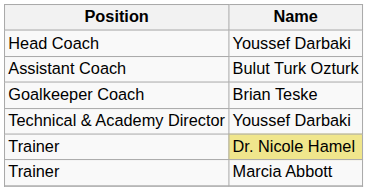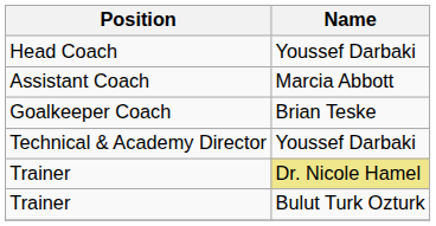 <table class="wikitable">
 <tr>
 <th>Position</th>
 <th>Name</th>
 </tr>
 <tr>
 <td>Head Coach</td>
 <td>Youssef Darbaki</td>
 </tr>
 <tr>
 <td>Assistant Coach</td>
-<td>Bulut Turk Ozturk</td>
+<td>Marcia Abbott</td>
 </tr>
 <tr>
 <td>Goalkeeper Coach</td>
 <td>Brian Teske</td>
 </tr>
 <tr>
 <td>Technical & Academy Director</td>
 <td>Youssef Darbaki</td>
 </tr>
 <tr>
 <td>Trainer</td>
 <td style="background: khaki;">Dr. Nicole Hamel</td>
 </tr>
 <tr>
 <td>Trainer</td>
-<td>Marcia Abbott</td>
+<td>Bulut Turk Ozturk</td>
 </tr>
 <tr>
 </tr>
 <tr>
 </tr>
 </table>
